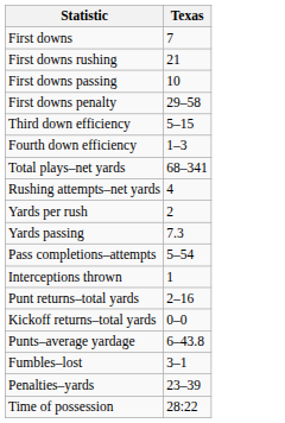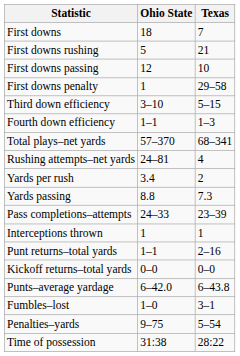 <table class="wikitable">
 <tr>
 <th>Statistic</th>
+<th><strong>Ohio State</strong></th>
 <th><strong>Texas</strong></th>
 </tr>
 <tr>
 <td>First downs</td>
+<td>18</td>
 <td>7</td>
 </tr>
 <tr>
 <td>First downs rushing</td>
+<td>5</td>
 <td>21</td>
 </tr>
 <tr>
 <td>First downs passing</td>
+<td>12</td>
 <td>10</td>
 </tr>
 <tr>
 <td>First downs penalty</td>
+<td>1</td>
 <td>29–58</td>
 </tr>
 <tr>
 <td>Third down efficiency</td>
+<td>3–10</td>
 <td>5–15</td>
 </tr>
 <tr>
 <td>Fourth down efficiency</td>
+<td>1–1</td>
 <td>1–3</td>
 </tr>
 <tr>
 <td>Total plays–net yards</td>
+<td>57–370</td>
 <td>68–341</td>
 </tr>
 <tr>
 <td>Rushing attempts–net yards</td>
+<td>24–81</td>
 <td>4</td>
 </tr>
 <tr>
 <td>Yards per rush</td>
+<td>3.4</td>
 <td>2</td>
 </tr>
 <tr>
 <td>Yards passing</td>
+<td>8.8</td>
 <td>7.3</td>
 </tr>
 <tr>
 <td>Pass completions–attempts</td>
-<td>5–54</td>
+<td>24–33</td>
+<td>23–39</td>
 </tr>
 <tr>
 <td>Interceptions thrown</td>
 <td>1</td>
+<td>1</td>
 </tr>
 <tr>
 <td>Punt returns–total yards</td>
+<td>1–1</td>
 <td>2–16</td>
 </tr>
 <tr>
 <td>Kickoff returns–total yards</td>
 <td>0–0</td>
+<td>0–0</td>
 </tr>
 <tr>
 <td>Punts–average yardage</td>
+<td>6–42.0</td>
 <td>6–43.8</td>
 </tr>
 <tr>
 <td>Fumbles–lost</td>
+<td>1–0</td>
 <td>3–1</td>
 </tr>
 <tr>
 <td>Penalties–yards</td>
-<td>23–39</td>
+<td>9–75</td>
+<td>5–54</td>
 </tr>
 <tr>
 <td>Time of possession</td>
+<td>31:38</td>
 <td>28:22</td>
 </tr>
 </table>
